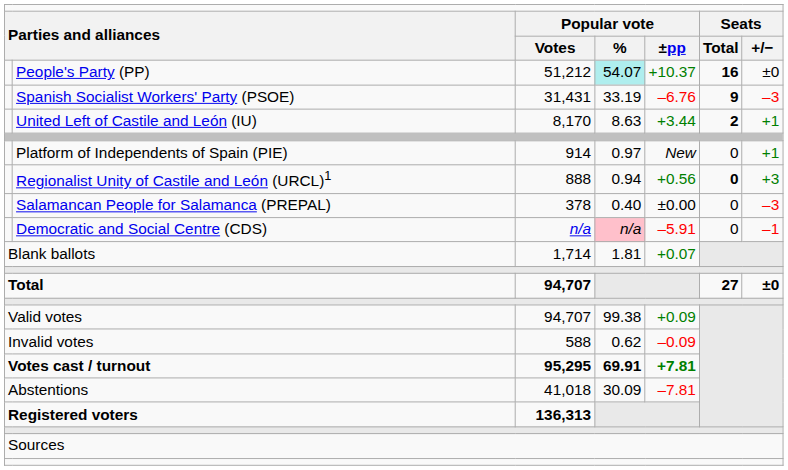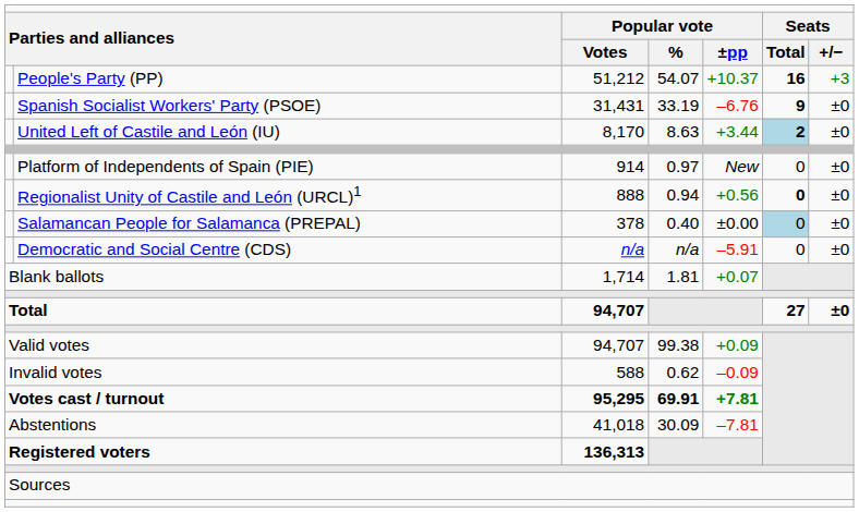 <table class="wikitable" style="text-align:right;">
 <tr>
 <td colspan="7"></td>
 </tr>
 <tr>
 <th style="text-align:left;" rowspan="2" colspan="2" width="525">Parties and alliances</th>
 <th colspan="3">Popular vote</th>
 <th colspan="2">Seats</th>
 </tr>
 <tr>
 <th width="75">Votes</th>
 <th width="45">%</th>
 <th width="45">±<a href='#'>pp</a></th>
 <th width="35">Total</th>
 <th width="35">+/−</th>
 </tr>
 <tr>
 <td width="1" style="color:inherit;background:"></td>
 <td align="left"><a href='#'>People's Party</a> (PP)</td>
 <td>51,212</td>
-<td style="background: paleturquoise;">54.07</td>
+<td>54.07</td>
 <td style="color:green;">+10.37</td>
 <td><strong>16</strong></td>
-<td>±0</td>
+<td style="color:green;">+3</td>
 </tr>
 <tr>
 <td style="color:inherit;background:"></td>
 <td align="left"><a href='#'>Spanish Socialist Workers' Party</a> (PSOE)</td>
 <td>31,431</td>
 <td>33.19</td>
 <td style="color:red;">–6.76</td>
 <td><strong>9</strong></td>
-<td style="color:red;">–3</td>
+<td>±0</td>
 </tr>
 <tr>
 <td style="color:inherit;background:"></td>
 <td align="left"><a href='#'>United Left of Castile and León</a> (IU)</td>
 <td>8,170</td>
 <td>8.63</td>
 <td style="color:green;">+3.44</td>
-<td><strong>2</strong></td>
-<td style="color:green;">+1</td>
+<td style="background: lightblue;"><strong>2</strong></td>
+<td>±0</td>
 </tr>
 <tr>
 <td colspan="7" bgcolor="#C0C0C0"></td>
 </tr>
 <tr>
 <td style="color:inherit;background:"></td>
 <td align="left">Platform of Independents of Spain (PIE)</td>
 <td>914</td>
 <td>0.97</td>
 <td><em>New</em></td>
 <td>0</td>
-<td style="color:green;">+1</td>
+<td>±0</td>
 </tr>
 <tr>
 <td style="color:inherit;background:"></td>
 <td align="left"><a href='#'>Regionalist Unity of Castile and León</a> (URCL)<sup>1</sup></td>
 <td>888</td>
 <td>0.94</td>
 <td style="color:green;">+0.56</td>
 <td><strong>0</strong></td>
-<td style="color:green;">+3</td>
+<td>±0</td>
 </tr>
 <tr>
 <td style="color:inherit;background:"></td>
 <td align="left"><a href='#'>Salamancan People for Salamanca</a> (PREPAL)</td>
 <td>378</td>
 <td>0.40</td>
 <td>±0.00</td>
-<td>0</td>
-<td style="color:red;">–3</td>
+<td style="background: lightblue;">0</td>
+<td>±0</td>
 </tr>
 <tr>
 <td style="color:inherit;background:"></td>
 <td align="left"><a href='#'>Democratic and Social Centre</a> (CDS)</td>
 <td><em><a href='#'>n/a</a></em></td>
-<td style="background: pink;"><em>n/a</em></td>
+<td><em>n/a</em></td>
 <td style="color:red;">–5.91</td>
 <td>0</td>
-<td style="color:red;">–1</td>
+<td>±0</td>
 </tr>
 <tr>
 <td align="left" colspan="2">Blank ballots</td>
 <td>1,714</td>
 <td>1.81</td>
 <td style="color:green;">+0.07</td>
 <td bgcolor="#E9E9E9" colspan="2"></td>
 </tr>
 <tr>
 <td colspan="7" bgcolor="#E9E9E9"></td>
 </tr>
 <tr style="font-weight:bold;">
 <td align="left" colspan="2">Total</td>
 <td>94,707</td>
 <td bgcolor="#E9E9E9" colspan="2"></td>
 <td>27</td>
 <td>±0</td>
 </tr>
 <tr>
 <td colspan="7" bgcolor="#E9E9E9"></td>
 </tr>
 <tr>
 <td align="left" colspan="2">Valid votes</td>
 <td>94,707</td>
 <td>99.38</td>
 <td style="color:green;">+0.09</td>
 <td bgcolor="#E9E9E9" colspan="2" rowspan="5"></td>
 </tr>
 <tr>
 <td align="left" colspan="2">Invalid votes</td>
 <td>588</td>
 <td>0.62</td>
 <td style="color:red;">–0.09</td>
 </tr>
 <tr style="font-weight:bold;">
 <td align="left" colspan="2">Votes cast / turnout</td>
 <td>95,295</td>
 <td>69.91</td>
 <td style="color:green;">+7.81</td>
 </tr>
 <tr>
 <td align="left" colspan="2">Abstentions</td>
 <td>41,018</td>
 <td>30.09</td>
 <td style="color:red;">–7.81</td>
 </tr>
 <tr style="font-weight:bold;">
 <td align="left" colspan="2">Registered voters</td>
 <td>136,313</td>
 <td bgcolor="#E9E9E9" colspan="2"></td>
 </tr>
 <tr>
 <td colspan="7" bgcolor="#E9E9E9"></td>
 </tr>
 <tr>
 <td align="left" colspan="7">Sources</td>
 </tr>
 <tr>
 <td colspan="7" style="text-align:left; max-width:790px;"></td>
 </tr>
 </table>
